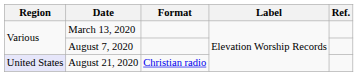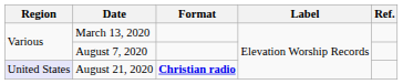 <table class="wikitable plainrowheaders">
 <tr>
 <th scope="col">Region</th>
 <th scope="col">Date</th>
 <th scope="col">Format</th>
 <th scope="col">Label</th>
 <th scope="col">Ref.</th>
 </tr>
 <tr>
 <td rowspan="2">Various</td>
 <td>March 13, 2020</td>
 <td></td>
 <td rowspan="3">Elevation Worship Records</td>
 <td></td>
 </tr>
 <tr>
 <td>August 7, 2020</td>
 <td></td>
 <td></td>
 </tr>
 <tr>
 <td style="background: lavender;">United States</td>
 <td>August 21, 2020</td>
-<td><a href='#'>Christian radio</a></td>
+<td><strong><a href='#'>Christian radio</a></strong></td>
 <td></td>
 </tr>
 </table>
